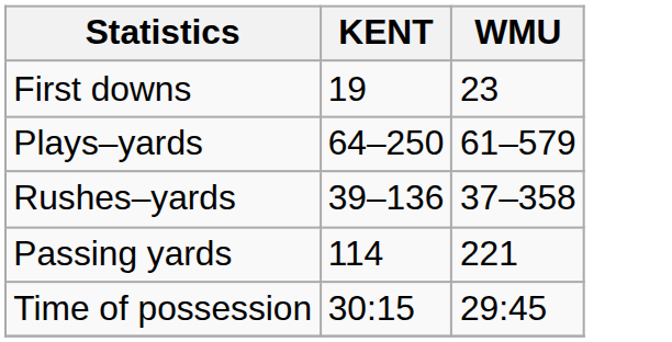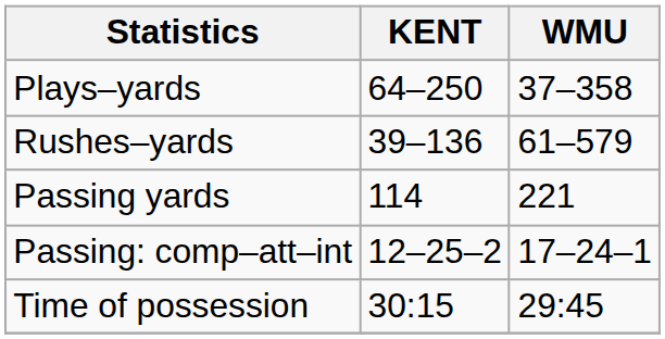 <table class="wikitable" style="float: left;">
 <tr>
 <th>Statistics</th>
 <th>KENT</th>
 <th>WMU</th>
 </tr>
 <tr>
-<td>First downs</td>
-<td>19</td>
-<td>23</td>
-</tr>
-<tr>
 <td>Plays–yards</td>
 <td>64–250</td>
-<td>61–579</td>
+<td>37–358</td>
 </tr>
 <tr>
 <td>Rushes–yards</td>
 <td>39–136</td>
-<td>37–358</td>
+<td>61–579</td>
 </tr>
 <tr>
 <td>Passing yards</td>
 <td>114</td>
 <td>221</td>
+</tr>
+<tr>
+<td>Passing: comp–att–int</td>
+<td>12–25–2</td>
+<td>17–24–1</td>
 </tr>
 <tr>
 <td>Time of possession</td>
 <td>30:15</td>
 <td>29:45</td>
 </tr>
 <tr>
 </tr>
 </table>
